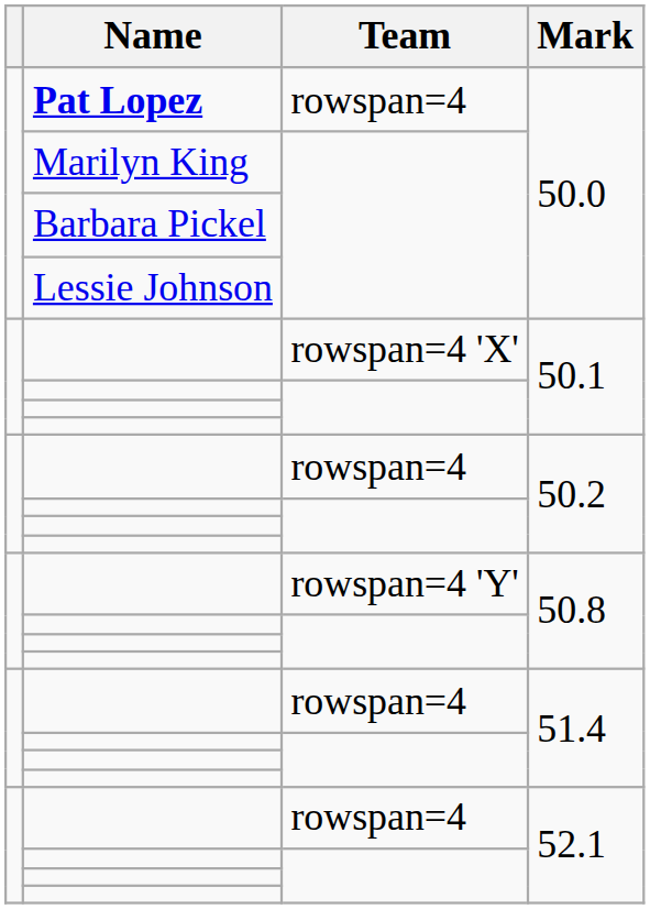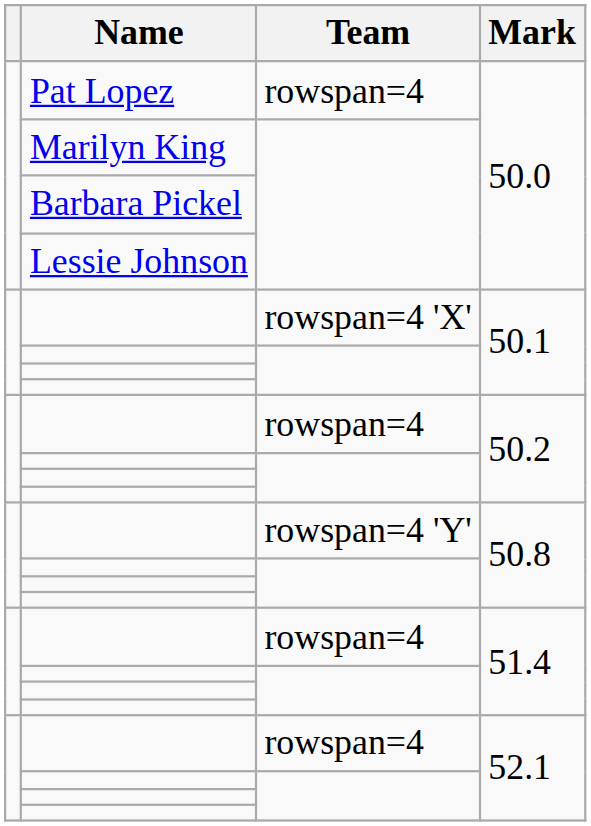 <table class=wikitable>
 <tr>
 <th></th>
 <th>Name</th>
 <th>Team</th>
 <th>Mark</th>
 </tr>
 <tr>
 <td rowspan=4></td>
-<td><strong><a href='#'>Pat Lopez</a></strong></td>
+<td><a href='#'>Pat Lopez</a></td>
 <td>rowspan=4 </td>
 <td rowspan=4>50.0</td>
 </tr>
 <tr>
 <td><a href='#'>Marilyn King</a></td>
 </tr>
 <tr>
 <td><a href='#'>Barbara Pickel</a></td>
 </tr>
 <tr>
 <td><a href='#'>Lessie Johnson</a></td>
 </tr>
 <tr>
 <td rowspan=4></td>
 <td></td>
 <td>rowspan=4  'X'</td>
 <td rowspan=4>50.1</td>
 </tr>
 <tr>
 <td></td>
 </tr>
 <tr>
 <td></td>
 </tr>
 <tr>
 <td></td>
 </tr>
 <tr>
 <td rowspan=4></td>
 <td></td>
 <td>rowspan=4 </td>
 <td rowspan=4>50.2</td>
 </tr>
 <tr>
 <td></td>
 </tr>
 <tr>
 <td></td>
 </tr>
 <tr>
 <td></td>
 </tr>
 <tr>
 <td rowspan=4></td>
 <td></td>
 <td>rowspan=4  'Y'</td>
 <td rowspan=4>50.8</td>
 </tr>
 <tr>
 <td></td>
 </tr>
 <tr>
 <td></td>
 </tr>
 <tr>
 <td></td>
 </tr>
 <tr>
 <td rowspan=4></td>
 <td></td>
 <td>rowspan=4 </td>
 <td rowspan=4>51.4</td>
 </tr>
 <tr>
 <td></td>
 </tr>
 <tr>
 <td></td>
 </tr>
 <tr>
 <td></td>
 </tr>
 <tr>
 <td rowspan=4></td>
 <td></td>
 <td>rowspan=4 </td>
 <td rowspan=4>52.1</td>
 </tr>
 <tr>
 <td></td>
 </tr>
 <tr>
 <td></td>
 </tr>
 <tr>
 <td></td>
 </tr>
 </table>
